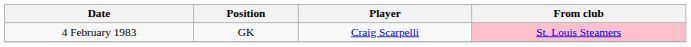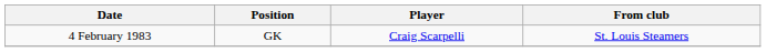 <table class="wikitable sortable" style="width:65%; text-align:center; font-size:85%; text-align:centre;">
 <tr>
 <th><strong>Date</strong></th>
 <th><strong>Position</strong></th>
 <th><strong>Player</strong></th>
 <th><strong>From club</strong></th>
 </tr>
 <tr>
 <td>4 February 1983</td>
 <td>GK</td>
 <td> <a href='#'>Craig Scarpelli</a></td>
-<td style="background: pink;"><a href='#'>St. Louis Steamers</a></td>
+<td><a href='#'>St. Louis Steamers</a></td>
 </tr>
 <tr>
 </tr>
 </table>
